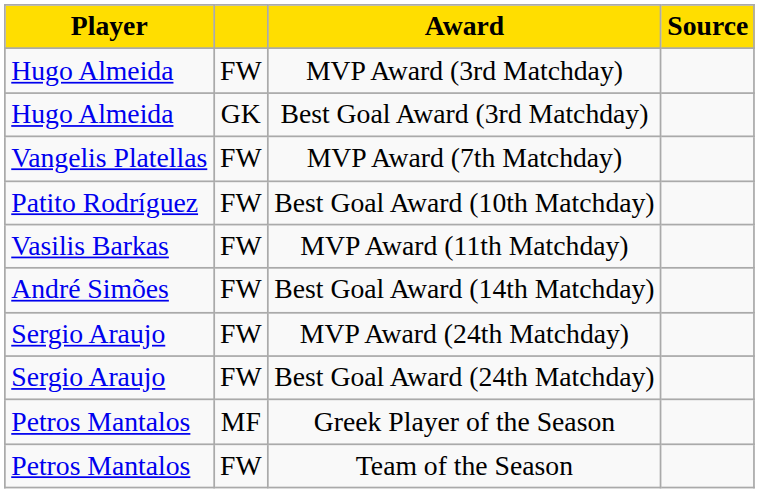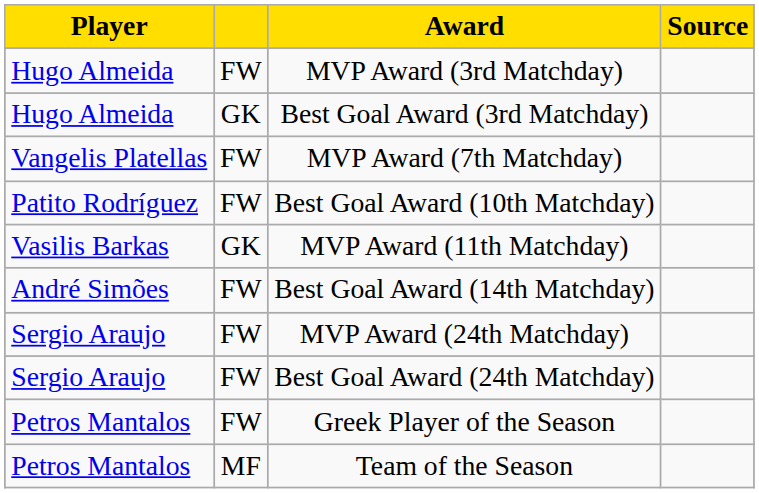 <table class="wikitable">
 <tr>
 <th style="background:#FFDE00">Player</th>
 <th style="background:#FFDE00"></th>
 <th style="background:#FFDE00">Award</th>
 <th style="background:#FFDE00">Source</th>
 </tr>
 <tr>
 <td> <a href='#'>Hugo Almeida</a></td>
 <td align="center">FW</td>
 <td align="center">MVP Award (3rd Matchday)</td>
 <td align="center"></td>
 </tr>
 <tr>
 <td> <a href='#'>Hugo Almeida</a></td>
 <td align="center">GK</td>
 <td align="center">Best Goal Award (3rd Matchday)</td>
 <td align="center"></td>
 </tr>
 <tr>
 <td> <a href='#'>Vangelis Platellas</a></td>
 <td align="center">FW</td>
 <td align="center">MVP Award (7th Matchday)</td>
 <td align="center"></td>
 </tr>
 <tr>
 <td> <a href='#'>Patito Rodríguez</a></td>
 <td align="center">FW</td>
 <td align="center">Best Goal Award (10th Matchday)</td>
 <td align="center"></td>
 </tr>
 <tr>
 <td> <a href='#'>Vasilis Barkas</a></td>
-<td align="center">FW</td>
+<td align="center">GK</td>
 <td align="center">MVP Award (11th Matchday)</td>
 <td align="center"></td>
 </tr>
 <tr>
 <td> <a href='#'>André Simões</a></td>
 <td align="center">FW</td>
 <td align="center">Best Goal Award (14th Matchday)</td>
 <td align="center"></td>
 </tr>
 <tr>
 <td> <a href='#'>Sergio Araujo</a></td>
 <td align="center">FW</td>
 <td align="center">MVP Award (24th Matchday)</td>
 <td align="center"></td>
 </tr>
 <tr>
 <td> <a href='#'>Sergio Araujo</a></td>
 <td align="center">FW</td>
 <td align="center">Best Goal Award (24th Matchday)</td>
 <td align="center"></td>
 </tr>
 <tr>
 <td> <a href='#'>Petros Mantalos</a></td>
-<td align="center">MF</td>
+<td align="center">FW</td>
 <td align="center">Greek Player of the Season</td>
 <td align="center"></td>
 </tr>
 <tr>
 <td> <a href='#'>Petros Mantalos</a></td>
-<td align="center">FW</td>
+<td align="center">MF</td>
 <td align="center">Team of the Season</td>
 <td align="center"></td>
 </tr>
 </table>
